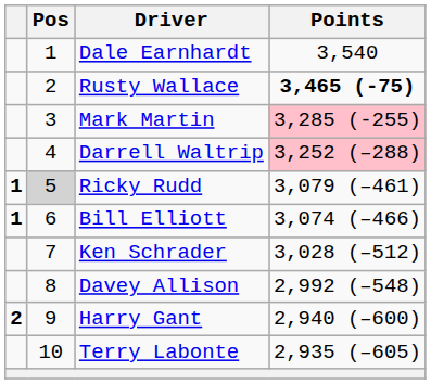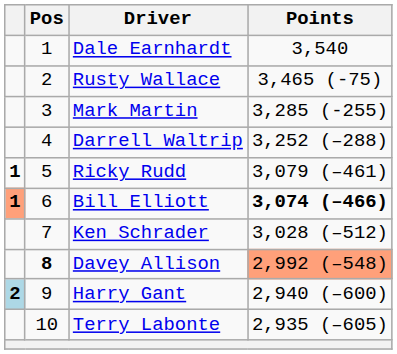 <table class="wikitable" style="font-size: 95%;">
 <tr>
 <th></th>
 <th>Pos</th>
 <th>Driver</th>
 <th>Points</th>
 </tr>
 <tr>
 <td align="left"></td>
 <td style="text-align:center;">1</td>
 <td><a href='#'>Dale Earnhardt</a></td>
 <td style="text-align:center;">3,540</td>
 </tr>
 <tr>
 <td align="left"></td>
 <td style="text-align:center;">2</td>
 <td><a href='#'>Rusty Wallace</a></td>
-<td style="text-align:center;"><strong>3,465 (-75)</strong></td>
+<td style="text-align:center;">3,465 (-75)</td>
 </tr>
 <tr>
 <td align="left"></td>
 <td style="text-align:center;">3</td>
 <td><a href='#'>Mark Martin</a></td>
-<td style="background: pink; text-align:center;">3,285 (-255)</td>
+<td style="text-align:center;">3,285 (-255)</td>
 </tr>
 <tr>
 <td align="left"></td>
 <td style="text-align:center;">4</td>
 <td><a href='#'>Darrell Waltrip</a></td>
-<td style="background: pink; text-align:center;">3,252 (–288)</td>
+<td style="text-align:center;">3,252 (–288)</td>
 </tr>
 <tr>
 <td align="left">  <strong>1</strong></td>
-<td style="background: lightgrey; text-align:center;">5</td>
+<td style="text-align:center;">5</td>
 <td><a href='#'>Ricky Rudd</a></td>
 <td style="text-align:center;">3,079 (–461)</td>
 </tr>
 <tr>
-<td align="left">  <strong>1</strong></td>
+<td align="left" style="background: lightsalmon;">  <strong>1</strong></td>
 <td style="text-align:center;">6</td>
 <td><a href='#'>Bill Elliott</a></td>
-<td style="text-align:center;">3,074 (–466)</td>
+<td style="text-align:center;"><strong>3,074 (–466)</strong></td>
 </tr>
 <tr>
 <td align="left"></td>
 <td style="text-align:center;">7</td>
 <td><a href='#'>Ken Schrader</a></td>
 <td style="text-align:center;">3,028 (–512)</td>
 </tr>
 <tr>
 <td align="left"></td>
-<td style="text-align:center;">8</td>
+<td style="text-align:center;"><strong>8</strong></td>
 <td><a href='#'>Davey Allison</a></td>
-<td style="text-align:center;">2,992 (–548)</td>
+<td style="background: lightsalmon; text-align:center;">2,992 (–548)</td>
 </tr>
 <tr>
-<td align="left">  <strong>2</strong></td>
+<td align="left" style="background: lightblue;">  <strong>2</strong></td>
 <td style="text-align:center;">9</td>
 <td><a href='#'>Harry Gant</a></td>
 <td style="text-align:center;">2,940 (–600)</td>
 </tr>
 <tr>
 <td align="left"></td>
 <td style="text-align:center;">10</td>
 <td><a href='#'>Terry Labonte</a></td>
 <td style="text-align:center;">2,935 (–605)</td>
 </tr>
 <tr class="sortbottom">
 <th colspan="9"></th>
 </tr>
 </table>
